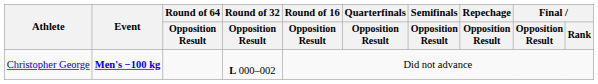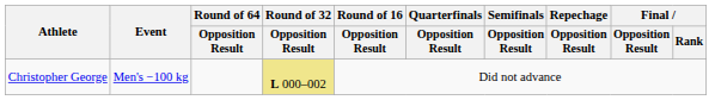 <table class="wikitable" style="font-size:90%">
 <tr>
 <th rowspan="2">Athlete</th>
 <th rowspan="2">Event</th>
 <th>Round of 64</th>
 <th>Round of 32</th>
 <th>Round of 16</th>
 <th>Quarterfinals</th>
 <th>Semifinals</th>
 <th>Repechage</th>
 <th colspan=2>Final / </th>
 </tr>
 <tr style="font-size:95%">
 <th>Opposition<br>Result</th>
 <th>Opposition<br>Result</th>
 <th>Opposition<br>Result</th>
 <th>Opposition<br>Result</th>
 <th>Opposition<br>Result</th>
 <th>Opposition<br>Result</th>
 <th>Opposition<br>Result</th>
 <th>Rank</th>
 </tr>
 <tr align=center>
 <td align=left><a href='#'>Christopher George</a></td>
-<td align=left><strong><a href='#'>Men's −100 kg</a></strong></td>
+<td align=left><a href='#'>Men's −100 kg</a></td>
 <td></td>
-<td><br><strong>L</strong> 000–002</td>
+<td style="background: khaki;"><br><strong>L</strong> 000–002</td>
 <td colspan=6>Did not advance</td>
 </tr>
 </table>
